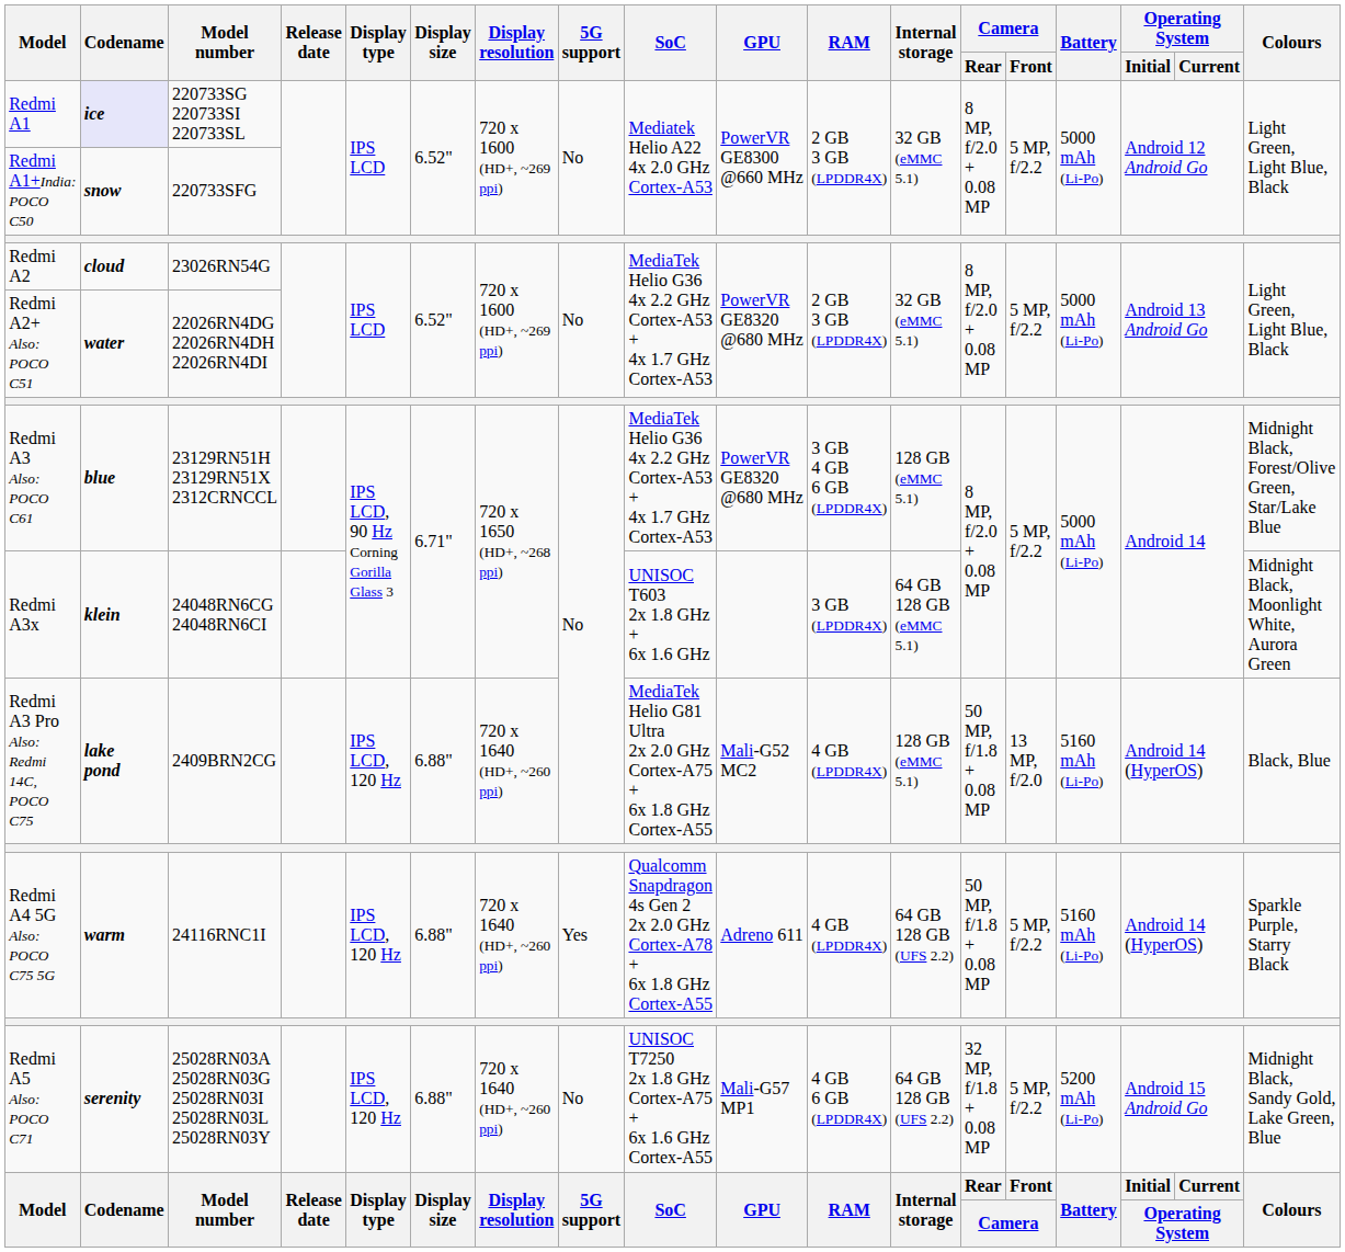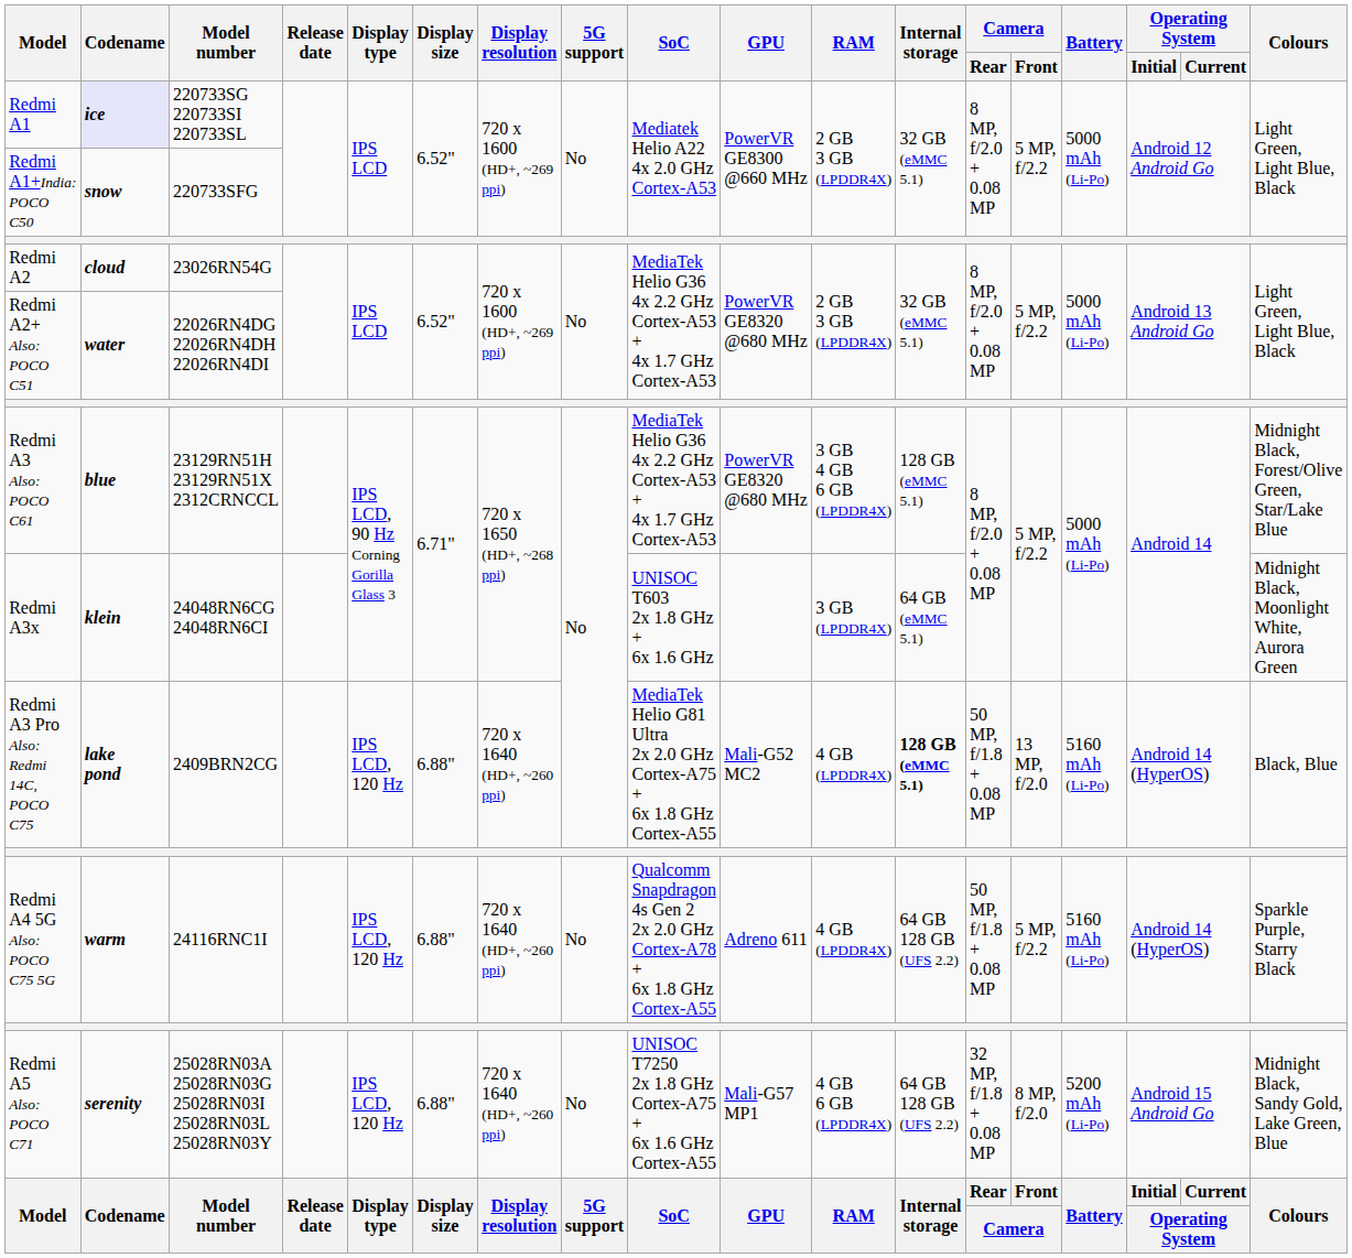 <table class="wikitable sortable mw-collapsible">
 <tr>
 <th rowspan="2">Model</th>
 <th rowspan="2">Codename</th>
 <th rowspan="2">Model number</th>
 <th rowspan="2">Release date </th>
 <th rowspan="2">Display type</th>
 <th rowspan="2">Display size</th>
 <th rowspan="2"><a href='#'>Display resolution</a></th>
 <th rowspan="2"><a href='#'>5G</a> support</th>
 <th rowspan="2"><a href='#'>SoC</a></th>
 <th rowspan="2"><a href='#'>GPU</a></th>
 <th rowspan="2"><a href='#'>RAM</a></th>
 <th rowspan="2">Internal storage</th>
 <th colspan="2"><a href='#'>Camera</a></th>
 <th rowspan="2"><a href='#'>Battery</a></th>
 <th colspan="2"><a href='#'>Operating System</a></th>
 <th rowspan="2">Colours</th>
 </tr>
 <tr>
 <th>Rear</th>
 <th>Front</th>
 <th>Initial</th>
 <th>Current</th>
 </tr>
 <tr>
 <td><a href='#'>Redmi A1</a></td>
 <td style="background: lavender;"><strong><em>ice</em></strong></td>
 <td>220733SG<br>220733SI 220733SL</td>
 <td rowspan="2"></td>
 <td rowspan="2"><a href='#'>IPS LCD</a></td>
 <td rowspan="2">6.52"</td>
 <td rowspan="2">720 x 1600<br><small>(HD+, ~269 <a href='#'>ppi</a>)</small></td>
 <td rowspan="2">No</td>
 <td rowspan="2"><a href='#'>Mediatek</a> Helio A22<br>4x 2.0 GHz <a href='#'>Cortex-A53</a></td>
 <td rowspan="2"><a href='#'>PowerVR</a> GE8300<br>@660 MHz</td>
 <td rowspan="2">2 GB<br>3 GB<br><small>(<a href='#'>LPDDR4X</a>)</small></td>
 <td rowspan="2">32 GB<br><small>(<a href='#'>eMMC</a> 5.1)</small></td>
 <td rowspan="2">8 MP, f/2.0 +<br>0.08 MP</td>
 <td rowspan="2">5 MP, f/2.2</td>
 <td rowspan="2">5000 <a href='#'>mAh</a><br><small>(<a href='#'>Li-Po</a>)</small></td>
 <td colspan="2" rowspan="2"><a href='#'>Android 12</a><br><em><a href='#'>Android Go</a></em></td>
 <td rowspan="2">Light Green, Light Blue, Black</td>
 </tr>
 <tr>
 <td><a href='#'>Redmi A1+</a><em><small>India: POCO C50</small></em></td>
 <td><strong><em>snow</em></strong></td>
 <td>220733SFG</td>
 </tr>
 <tr>
 <th colspan="18"></th>
 </tr>
 <tr>
 <td>Redmi A2</td>
 <td><strong><em>cloud</em></strong></td>
 <td>23026RN54G</td>
 <td rowspan="2"></td>
 <td rowspan="2"><a href='#'>IPS LCD</a></td>
 <td rowspan="2">6.52"</td>
 <td rowspan="2">720 x 1600<br><small>(HD+, ~269 <a href='#'>ppi</a>)</small></td>
 <td rowspan="2">No</td>
 <td rowspan="2"><a href='#'>MediaTek</a> Helio G36<br>4x 2.2 GHz Cortex-A53 +<br>4x 1.7 GHz Cortex-A53</td>
 <td rowspan="2"><a href='#'>PowerVR</a> GE8320<br>@680 MHz</td>
 <td rowspan="2">2 GB<br>3 GB<br><small>(<a href='#'>LPDDR4X</a>)</small></td>
 <td rowspan="2">32 GB<br><small>(<a href='#'>eMMC</a> 5.1)</small></td>
 <td rowspan="2">8 MP, f/2.0 +<br>0.08 MP</td>
 <td rowspan="2">5 MP, f/2.2</td>
 <td rowspan="2">5000 <a href='#'>mAh</a><br><small>(<a href='#'>Li-Po</a>)</small></td>
 <td colspan="2" rowspan="2"><a href='#'>Android 13</a><br><em><a href='#'>Android Go</a></em></td>
 <td rowspan="2">Light Green, Light Blue, Black</td>
 </tr>
 <tr>
 <td>Redmi A2+<br><em><small>Also: POCO C51</small></em></td>
 <td><strong><em>water</em></strong></td>
 <td>22026RN4DG<br>22026RN4DH 22026RN4DI</td>
 </tr>
 <tr>
 <th colspan="18"></th>
 </tr>
 <tr>
 <td>Redmi A3<br><em><small>Also: POCO C61</small></em></td>
 <td><strong><em>blue</em></strong></td>
 <td>23129RN51H<br>23129RN51X 2312CRNCCL</td>
 <td></td>
 <td rowspan="2"><a href='#'>IPS LCD</a>, 90 <a href='#'>Hz</a><br><small>Corning <a href='#'>Gorilla Glass</a> 3</small></td>
 <td rowspan="2">6.71"</td>
 <td rowspan="2">720 x 1650<br><small>(HD+, ~268 <a href='#'>ppi</a>)</small></td>
 <td rowspan="3">No</td>
 <td><a href='#'>MediaTek</a> Helio G36<br>4x 2.2 GHz Cortex-A53 +<br>4x 1.7 GHz Cortex-A53</td>
 <td><a href='#'>PowerVR</a> GE8320<br>@680 MHz</td>
 <td>3 GB<br>4 GB<br>6 GB<br><small>(<a href='#'>LPDDR4X</a>)</small></td>
 <td>128 GB<br><small>(<a href='#'>eMMC</a> 5.1)</small></td>
 <td rowspan="2">8 MP, f/2.0 +<br>0.08 MP</td>
 <td rowspan="2">5 MP, f/2.2</td>
 <td rowspan="2">5000 <a href='#'>mAh</a><br><small>(<a href='#'>Li-Po</a>)</small></td>
 <td colspan="2" rowspan="2"><a href='#'>Android 14</a></td>
 <td>Midnight Black, Forest/Olive Green, Star/Lake Blue</td>
 </tr>
 <tr>
 <td>Redmi A3x</td>
 <td><strong><em>klein</em></strong></td>
 <td>24048RN6CG<br>24048RN6CI</td>
 <td></td>
 <td><a href='#'>UNISOC</a> T603<br>2x 1.8 GHz  +<br>6x 1.6 GHz</td>
 <td></td>
 <td>3 GB<br><small>(<a href='#'>LPDDR4X</a>)</small></td>
-<td>64 GB<br>128 GB<br><small>(<a href='#'>eMMC</a> 5.1)</small></td>
+<td>64 GB<br><small>(<a href='#'>eMMC</a> 5.1)</small></td>
 <td>Midnight Black, Moonlight White, Aurora Green</td>
 </tr>
 <tr>
 <td>Redmi A3 Pro<br><small><em>Also: Redmi 14C, POCO C75</em></small></td>
 <td><strong><em>lake</em></strong><br><strong><em>pond</em></strong></td>
 <td>2409BRN2CG</td>
 <td></td>
 <td><a href='#'>IPS LCD</a>, 120 <a href='#'>Hz</a></td>
 <td>6.88"</td>
 <td>720 x 1640<br><small>(HD+, ~260 <a href='#'>ppi</a>)</small></td>
 <td><a href='#'>MediaTek</a> Helio G81 Ultra<br>2x 2.0 GHz Cortex-A75 +<br>6x 1.8 GHz Cortex-A55</td>
 <td><a href='#'>Mali</a>-G52 MC2</td>
 <td>4 GB<br><small>(<a href='#'>LPDDR4X</a>)</small></td>
-<td>128 GB<br><small>(<a href='#'>eMMC</a> 5.1)</small></td>
+<td><strong>128 GB<br><small>(<a href='#'>eMMC</a> 5.1)</small></strong></td>
 <td>50 MP, f/1.8 +<br>0.08 MP</td>
 <td>13 MP, f/2.0</td>
 <td>5160 <a href='#'>mAh</a><br><small>(<a href='#'>Li-Po</a>)</small></td>
 <td colspan="2"><a href='#'>Android 14</a><br>(<a href='#'>HyperOS</a>)</td>
 <td>Black, Blue</td>
 </tr>
 <tr>
 <th colspan="18"></th>
 </tr>
 <tr>
 <td>Redmi A4 5G<br><small><em>Also: POCO C75 5G</em></small></td>
 <td><strong><em>warm</em></strong></td>
 <td>24116RNC1I</td>
 <td></td>
 <td><a href='#'>IPS LCD</a>, 120 <a href='#'>Hz</a></td>
 <td>6.88"</td>
 <td>720 x 1640<br><small>(HD+, ~260 <a href='#'>ppi</a>)</small></td>
-<td>Yes</td>
+<td>No</td>
 <td><a href='#'>Qualcomm Snapdragon</a> 4s Gen 2<br>2x 2.0 GHz <a href='#'>Cortex-A78</a> +<br>6x 1.8 GHz <a href='#'>Cortex-A55</a></td>
 <td><a href='#'>Adreno</a> 611</td>
 <td>4 GB<br><small>(<a href='#'>LPDDR4X</a>)</small></td>
 <td>64 GB<br>128 GB<br><small>(<a href='#'>UFS</a> 2.2)</small></td>
 <td>50 MP, f/1.8 +<br>0.08 MP</td>
 <td>5 MP, f/2.2</td>
 <td>5160 <a href='#'>mAh</a><br><small>(<a href='#'>Li-Po</a>)</small></td>
 <td colspan="2"><a href='#'>Android 14</a><br>(<a href='#'>HyperOS</a>)</td>
 <td>Sparkle Purple, Starry Black</td>
 </tr>
 <tr>
 <th colspan="18"></th>
 </tr>
 <tr>
 <td>Redmi A5<br><small><em>Also: POCO C71</em></small></td>
 <td><strong><em>serenity</em></strong></td>
 <td>25028RN03A<br>25028RN03G 25028RN03I 25028RN03L 25028RN03Y</td>
 <td></td>
 <td><a href='#'>IPS LCD</a>, 120 <a href='#'>Hz</a></td>
 <td>6.88"</td>
 <td>720 x 1640<br><small>(HD+, ~260 <a href='#'>ppi</a>)</small></td>
 <td>No</td>
 <td><a href='#'>UNISOC</a> T7250<br>2x 1.8 GHz Cortex-A75 +<br>6x 1.6 GHz Cortex-A55</td>
 <td><a href='#'>Mali</a>-G57 MP1</td>
 <td>4 GB<br>6 GB<br><small>(<a href='#'>LPDDR4X</a>)</small></td>
 <td>64 GB<br>128 GB<br><small>(<a href='#'>UFS</a> 2.2)</small></td>
 <td>32 MP, f/1.8 +<br>0.08 MP</td>
-<td>5 MP, f/2.2</td>
+<td>8 MP, f/2.0</td>
 <td>5200 <a href='#'>mAh</a><br><small>(<a href='#'>Li-Po</a>)</small></td>
 <td colspan="2"><a href='#'>Android 15</a><br><em><a href='#'>Android Go</a></em></td>
 <td>Midnight Black, Sandy Gold, Lake Green, Blue</td>
 </tr>
 <tr>
 <th rowspan="2">Model</th>
 <th rowspan="2">Codename</th>
 <th rowspan="2">Model number</th>
 <th rowspan="2">Release date </th>
 <th rowspan="2">Display type</th>
 <th rowspan="2">Display size</th>
 <th rowspan="2"><a href='#'>Display resolution</a></th>
 <th rowspan="2"><a href='#'>5G</a> support</th>
 <th rowspan="2"><a href='#'>SoC</a></th>
 <th rowspan="2"><a href='#'>GPU</a></th>
 <th rowspan="2"><a href='#'>RAM</a></th>
 <th rowspan="2">Internal storage</th>
 <th>Rear</th>
 <th>Front</th>
 <th rowspan="2"><a href='#'>Battery</a></th>
 <th>Initial</th>
 <th>Current</th>
 <th rowspan="2">Colours</th>
 </tr>
 <tr>
 <th colspan="2"><a href='#'>Camera</a></th>
 <th colspan="2"><a href='#'>Operating System</a></th>
 </tr>
 </table>
